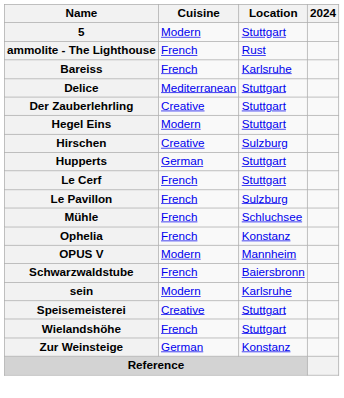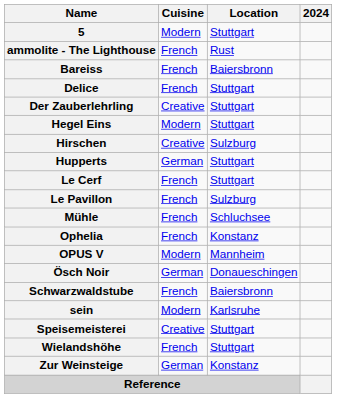 <table class="wikitable sortable plainrowheaders" style="text-align:left;"">
 <tr>
 <th scope="col">Name</th>
 <th scope="col">Cuisine</th>
 <th scope="col">Location</th>
 <th scope="col">2024</th>
 </tr>
 <tr>
 <th scope="row">5</th>
 <td><a href='#'>Modern</a></td>
 <td><a href='#'>Stuttgart</a></td>
 <td></td>
 </tr>
 <tr>
 <th scope="row">ammolite - The Lighthouse</th>
 <td><a href='#'>French</a></td>
 <td><a href='#'>Rust</a></td>
 <td></td>
 </tr>
 <tr>
 <th scope="row">Bareiss</th>
 <td><a href='#'>French</a></td>
-<td><a href='#'>Karlsruhe</a></td>
+<td><a href='#'>Baiersbronn</a></td>
 <td></td>
 </tr>
 <tr>
 <th scope="row">Delice</th>
-<td><a href='#'>Mediterranean</a></td>
+<td><a href='#'>French</a></td>
 <td><a href='#'>Stuttgart</a></td>
 <td></td>
 </tr>
 <tr>
 <th scope="row">Der Zauberlehrling</th>
 <td><a href='#'>Creative</a></td>
 <td><a href='#'>Stuttgart</a></td>
 <td></td>
 </tr>
 <tr>
 <th scope="row">Hegel Eins</th>
 <td><a href='#'>Modern</a></td>
 <td><a href='#'>Stuttgart</a></td>
 <td></td>
 </tr>
 <tr>
 <th scope="row">Hirschen</th>
 <td><a href='#'>Creative</a></td>
 <td><a href='#'>Sulzburg</a></td>
 <td></td>
 </tr>
 <tr>
 <th scope="row">Hupperts</th>
 <td><a href='#'>German</a></td>
 <td><a href='#'>Stuttgart</a></td>
 <td></td>
 </tr>
 <tr>
 <th scope="row">Le Cerf</th>
 <td><a href='#'>French</a></td>
 <td><a href='#'>Stuttgart</a></td>
 <td></td>
 </tr>
 <tr>
 <th scope="row">Le Pavillon</th>
 <td><a href='#'>French</a></td>
 <td><a href='#'>Sulzburg</a></td>
 <td></td>
 </tr>
 <tr>
 <th scope="row">Mühle</th>
 <td><a href='#'>French</a></td>
 <td><a href='#'>Schluchsee</a></td>
 <td></td>
 </tr>
 <tr>
 <th scope="row">Ophelia</th>
 <td><a href='#'>French</a></td>
 <td><a href='#'>Konstanz</a></td>
 <td></td>
 </tr>
 <tr>
 <th scope="row">OPUS V</th>
 <td><a href='#'>Modern</a></td>
 <td><a href='#'>Mannheim</a></td>
 <td></td>
 </tr>
 <tr>
+<th scope="row">Ösch Noir</th>
+<td><a href='#'>German</a></td>
+<td><a href='#'>Donaueschingen</a></td>
+<td></td>
+</tr>
+<tr>
 <th scope="row">Schwarzwaldstube</th>
 <td><a href='#'>French</a></td>
 <td><a href='#'>Baiersbronn</a></td>
 <td></td>
 </tr>
 <tr>
 <th scope="row">sein</th>
 <td><a href='#'>Modern</a></td>
 <td><a href='#'>Karlsruhe</a></td>
 <td></td>
 </tr>
 <tr>
 <th scope="row">Speisemeisterei</th>
 <td><a href='#'>Creative</a></td>
 <td><a href='#'>Stuttgart</a></td>
 <td></td>
 </tr>
 <tr>
 <th scope="row">Wielandshöhe</th>
 <td><a href='#'>French</a></td>
 <td><a href='#'>Stuttgart</a></td>
 <td></td>
 </tr>
 <tr>
 <th scope="row">Zur Weinsteige</th>
 <td><a href='#'>German</a></td>
 <td><a href='#'>Konstanz</a></td>
 <td></td>
 </tr>
 <tr>
 <th colspan="3" style="text-align: center;background: lightgray;">Reference</th>
 <th></th>
 </tr>
 </table>
